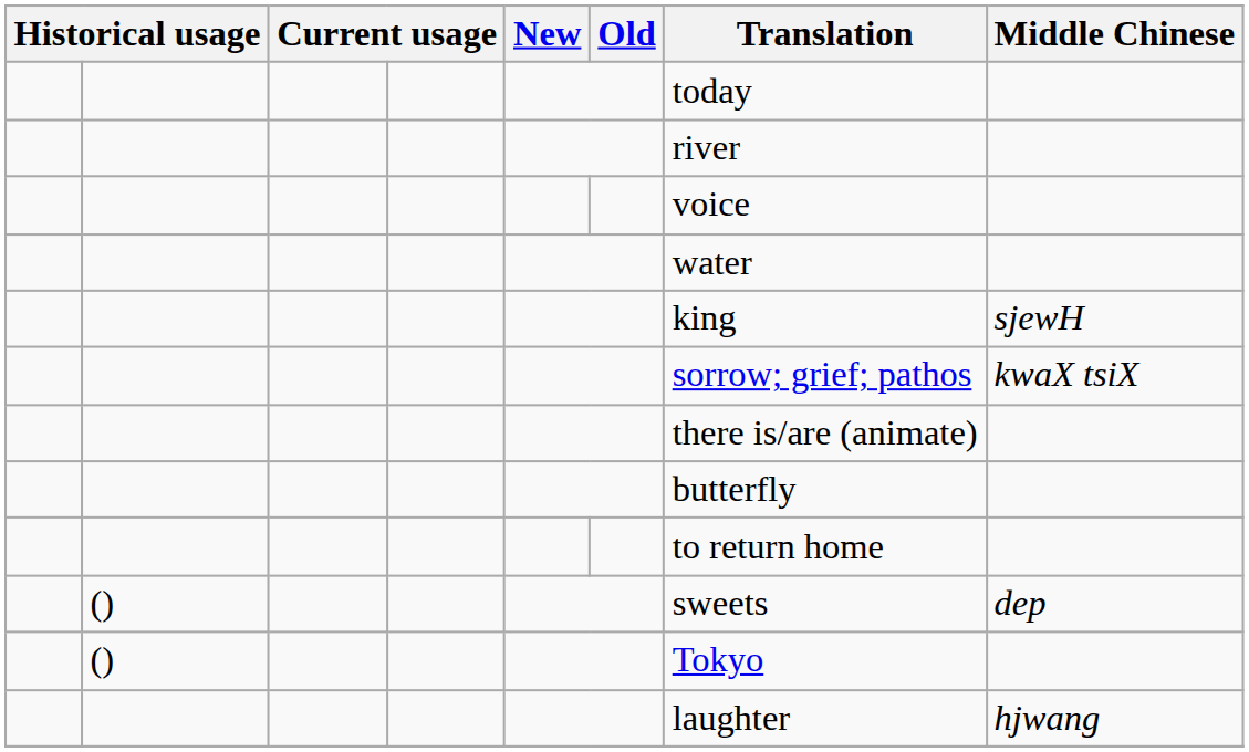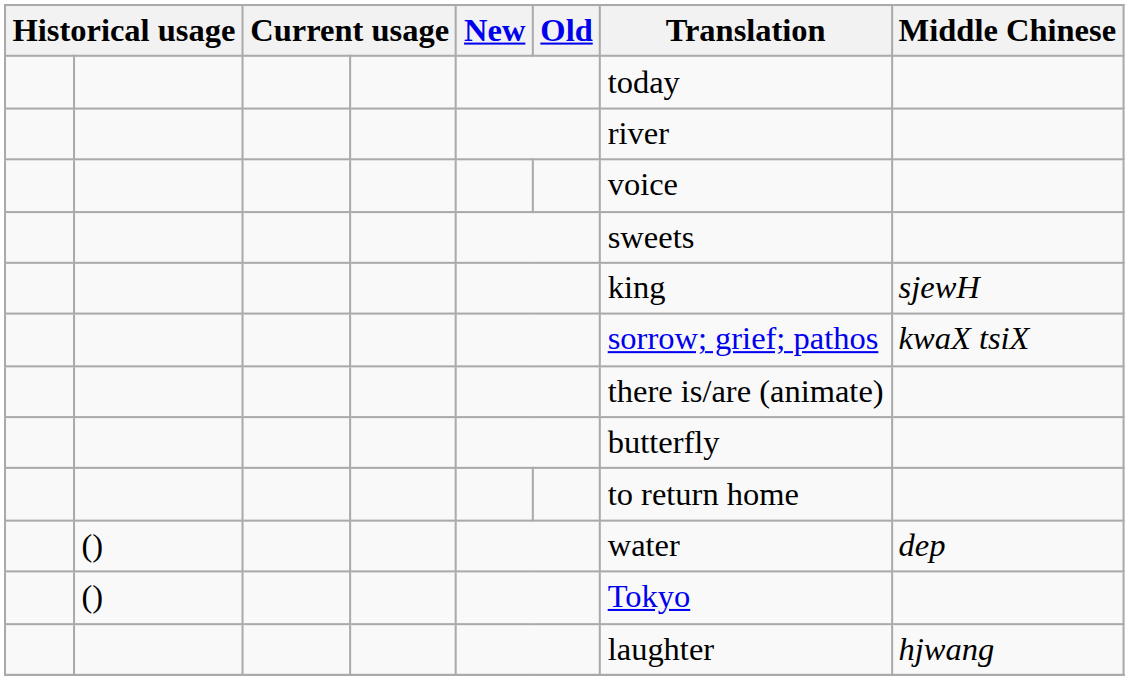 <table class="wikitable">
 <tr>
 <th colspan=2>Historical usage</th>
 <th colspan=2>Current usage</th>
 <th><a href='#'>New</a></th>
 <th><a href='#'>Old</a></th>
 <th>Translation</th>
 <th>Middle Chinese</th>
 </tr>
 <tr>
 <td></td>
 <td></td>
 <td></td>
 <td></td>
 <td colspan="2" align="center"></td>
 <td>today</td>
 <td></td>
 </tr>
 <tr>
 <td></td>
 <td></td>
 <td></td>
 <td></td>
 <td colspan="2" align="center"></td>
 <td>river</td>
 <td></td>
 </tr>
 <tr>
 <td></td>
 <td></td>
 <td></td>
 <td></td>
 <td align="center"></td>
 <td align="center"></td>
 <td>voice</td>
 <td></td>
 </tr>
 <tr>
 <td></td>
 <td></td>
 <td></td>
 <td></td>
 <td colspan="2" align="center"></td>
-<td>water</td>
+<td>sweets</td>
 <td></td>
 </tr>
 <tr>
 <td></td>
 <td></td>
 <td></td>
 <td></td>
 <td colspan="2" align="center"></td>
 <td>king</td>
 <td><em>sjewH</em></td>
 </tr>
 <tr>
 <td></td>
 <td></td>
 <td></td>
 <td></td>
 <td colspan="2" align="center"></td>
 <td><a href='#'>sorrow; grief; pathos</a></td>
 <td><em>kwaX tsiX</em></td>
 </tr>
 <tr>
 <td></td>
 <td></td>
 <td></td>
 <td></td>
 <td colspan="2" align="center"></td>
 <td>there is/are (animate)</td>
 <td></td>
 </tr>
 <tr>
 <td></td>
 <td></td>
 <td></td>
 <td></td>
 <td colspan="2" align="center"></td>
 <td>butterfly</td>
 <td></td>
 </tr>
 <tr>
 <td></td>
 <td></td>
 <td></td>
 <td></td>
 <td align="center"></td>
 <td align="center"></td>
 <td>to return home</td>
 <td></td>
 </tr>
 <tr>
 <td></td>
 <td> ()</td>
 <td></td>
 <td></td>
 <td colspan="2" align="center"></td>
-<td>sweets</td>
+<td>water</td>
 <td><em>dep</em></td>
 </tr>
 <tr>
 <td></td>
 <td> ()</td>
 <td></td>
 <td></td>
 <td colspan="2" align="center"></td>
 <td><a href='#'>Tokyo</a></td>
 <td></td>
 </tr>
 <tr>
 <td></td>
 <td></td>
 <td></td>
 <td></td>
 <td colspan="2" align="center"></td>
 <td>laughter</td>
 <td><em>hjwang</em></td>
 </tr>
 <tr>
 </tr>
 </table>
